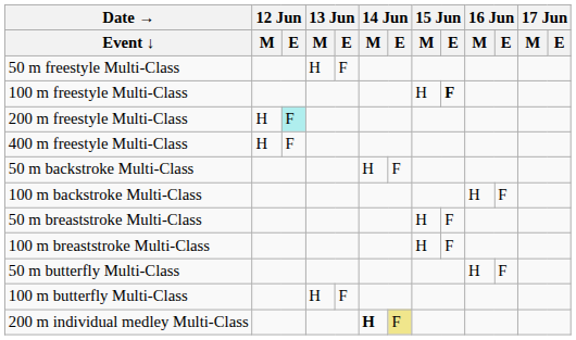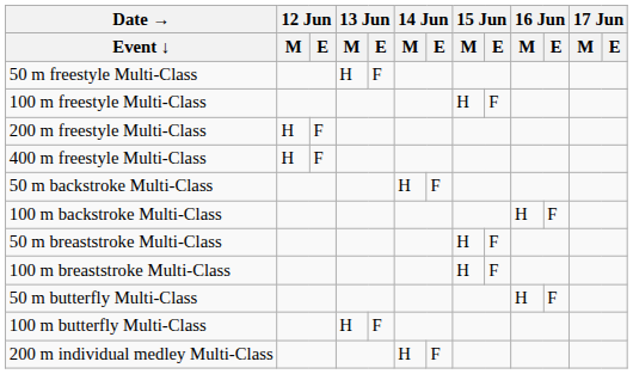 <table class="wikitable swimming-schedule" style="flex:min-content 1 0">
 <tr>
 <th>Date →</th>
 <th colspan=2>12 Jun</th>
 <th colspan=2>13 Jun</th>
 <th colspan=2>14 Jun</th>
 <th colspan=2>15 Jun</th>
 <th colspan=2>16 Jun</th>
 <th colspan=2>17 Jun</th>
 </tr>
 <tr>
 <th>Event ↓</th>
 <th>M</th>
 <th>E</th>
 <th>M</th>
 <th>E</th>
 <th>M</th>
 <th>E</th>
 <th>M</th>
 <th>E</th>
 <th>M</th>
 <th>E</th>
 <th>M</th>
 <th>E</th>
 </tr>
 <tr>
 <td class=event>50 m freestyle Multi-Class</td>
 <td colspan=2></td>
 <td class=heats>H</td>
 <td class=final>F</td>
 <td colspan=2></td>
 <td colspan=2></td>
 <td colspan=2></td>
 <td colspan=2></td>
 </tr>
 <tr>
 <td class=event>100 m freestyle Multi-Class</td>
 <td colspan=2></td>
 <td colspan=2></td>
 <td colspan=2></td>
 <td class=heats>H</td>
-<td class=final><strong>F</strong></td>
+<td class=final>F</td>
 <td colspan=2></td>
 <td colspan=2></td>
 </tr>
 <tr>
 <td class=event>200 m freestyle Multi-Class</td>
 <td class=heats>H</td>
-<td class=final style="background: paleturquoise;">F</td>
+<td class=final>F</td>
 <td colspan=2></td>
 <td colspan=2></td>
 <td colspan=2></td>
 <td colspan=2></td>
 <td colspan=2></td>
 </tr>
 <tr>
 <td class=event>400 m freestyle Multi-Class</td>
 <td class=heats>H</td>
 <td class=final>F</td>
 <td colspan=2></td>
 <td colspan=2></td>
 <td colspan=2></td>
 <td colspan=2></td>
 <td colspan=2></td>
 </tr>
 <tr>
 <td class=event>50 m backstroke Multi-Class</td>
 <td colspan=2></td>
 <td colspan=2></td>
 <td class=heats>H</td>
 <td class=final>F</td>
 <td colspan=2></td>
 <td colspan=2></td>
 <td colspan=2></td>
 </tr>
 <tr>
 <td class=event>100 m backstroke Multi-Class</td>
 <td colspan=2></td>
 <td colspan=2></td>
 <td colspan=2></td>
 <td colspan=2></td>
 <td class=heats>H</td>
 <td class=final>F</td>
 <td colspan=2></td>
 </tr>
 <tr>
 <td class=event>50 m breaststroke Multi-Class</td>
 <td colspan=2></td>
 <td colspan=2></td>
 <td colspan=2></td>
 <td class=heats>H</td>
 <td class=final>F</td>
 <td colspan=2></td>
 <td colspan=2></td>
 </tr>
 <tr>
 <td class=event>100 m breaststroke Multi-Class</td>
 <td colspan=2></td>
 <td colspan=2></td>
 <td colspan=2></td>
 <td class=heats>H</td>
 <td class=final>F</td>
 <td colspan=2></td>
 <td colspan=2></td>
 </tr>
 <tr>
 <td class=event>50 m butterfly Multi-Class</td>
 <td colspan=2></td>
 <td colspan=2></td>
 <td colspan=2></td>
 <td colspan=2></td>
 <td class=heats>H</td>
 <td class=final>F</td>
 <td colspan=2></td>
 </tr>
 <tr>
 <td class=event>100 m butterfly Multi-Class</td>
 <td colspan=2></td>
 <td class=heats>H</td>
 <td class=final>F</td>
 <td colspan=2></td>
 <td colspan=2></td>
 <td colspan=2></td>
 <td colspan=2></td>
 </tr>
 <tr>
 <td class=event>200 m individual medley Multi-Class</td>
 <td colspan=2></td>
 <td colspan=2></td>
-<td class=heats><strong>H</strong></td>
-<td class=final style="background: khaki;">F</td>
+<td class=heats>H</td>
+<td class=final>F</td>
 <td colspan=2></td>
 <td colspan=2></td>
 <td colspan=2></td>
 </tr>
 </table>
